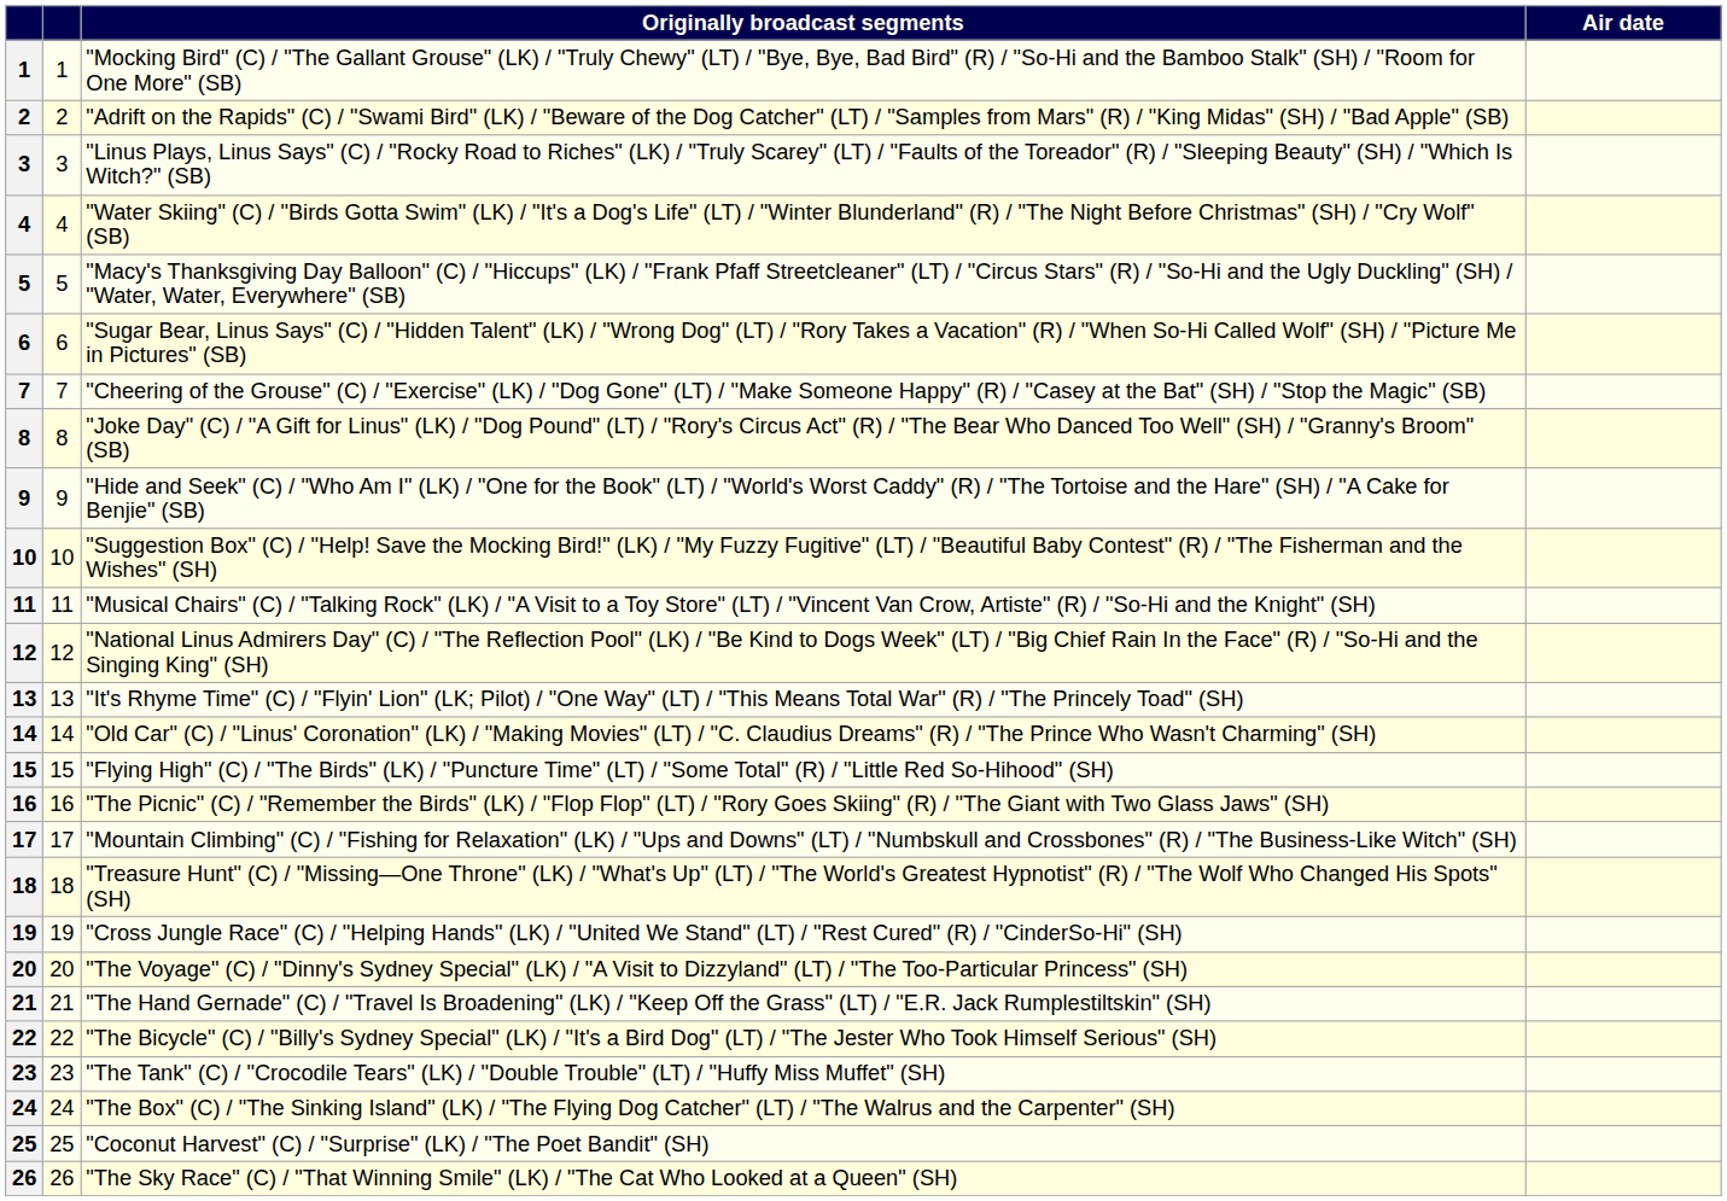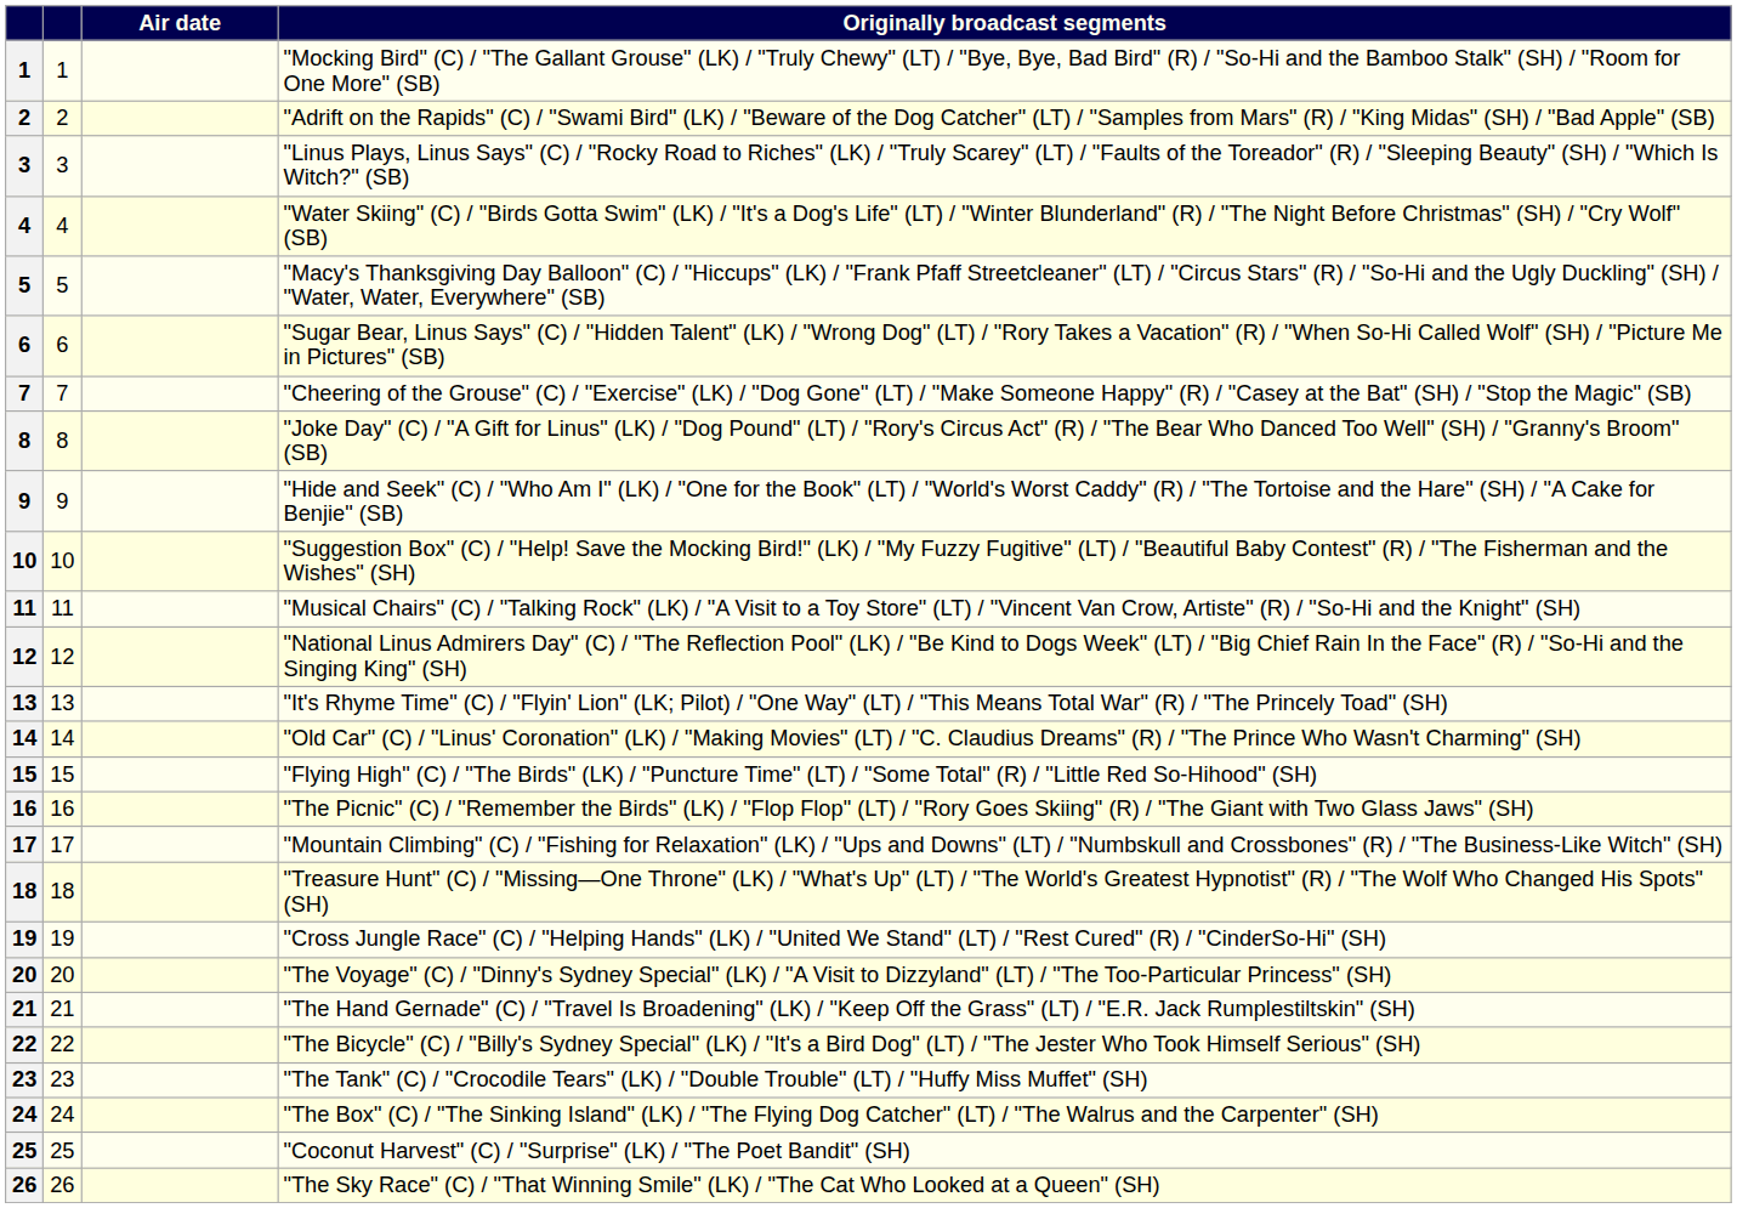 <table class=wikitable style="text-align:center; background:#FFFFEE">
 <tr style="color:#FFFFEE">
 <th style="background:#000050; width:20px"></th>
 <th style="background:#000050; width:20px"></th>
+<th style="background:#000050; width:135px">Air date</th>
 <th style="background:#000050">Originally broadcast segments</th>
-<th style="background:#000050; width:135px">Air date</th>
 </tr>
 <tr>
 <th>1</th>
 <td>1</td>
+<td></td>
 <td align=left>"Mocking Bird" (C) / "The Gallant Grouse" (LK) / "Truly Chewy" (LT) / "Bye, Bye, Bad Bird" (R) / "So-Hi and the Bamboo Stalk" (SH) / "Room for One More" (SB)</td>
-<td></td>
 </tr>
 <tr bgcolor="FFFFDE">
 <th>2</th>
 <td>2</td>
+<td></td>
 <td align=left>"Adrift on the Rapids" (C) / "Swami Bird" (LK) / "Beware of the Dog Catcher" (LT) / "Samples from Mars" (R) / "King Midas" (SH) / "Bad Apple" (SB)</td>
-<td></td>
 </tr>
 <tr>
 <th>3</th>
 <td>3</td>
+<td></td>
 <td align=left>"Linus Plays, Linus Says" (C) / "Rocky Road to Riches" (LK) / "Truly Scarey" (LT) / "Faults of the Toreador" (R) / "Sleeping Beauty" (SH) / "Which Is Witch?" (SB)</td>
-<td></td>
 </tr>
 <tr bgcolor="FFFFDE">
 <th>4</th>
 <td>4</td>
+<td></td>
 <td align=left>"Water Skiing" (C) / "Birds Gotta Swim" (LK) / "It's a Dog's Life" (LT) / "Winter Blunderland" (R) / "The Night Before Christmas" (SH) / "Cry Wolf" (SB)</td>
-<td></td>
 </tr>
 <tr>
 <th>5</th>
 <td>5</td>
+<td></td>
 <td align=left>"Macy's Thanksgiving Day Balloon" (C) / "Hiccups" (LK) / "Frank Pfaff Streetcleaner" (LT) / "Circus Stars" (R) / "So-Hi and the Ugly Duckling" (SH) / "Water, Water, Everywhere" (SB)</td>
-<td></td>
 </tr>
 <tr bgcolor="FFFFDE">
 <th>6</th>
 <td>6</td>
+<td></td>
 <td align=left>"Sugar Bear, Linus Says" (C) / "Hidden Talent" (LK) / "Wrong Dog" (LT) / "Rory Takes a Vacation" (R) / "When So-Hi Called Wolf" (SH) / "Picture Me in Pictures" (SB)</td>
-<td></td>
 </tr>
 <tr>
 <th>7</th>
 <td>7</td>
+<td></td>
 <td align=left>"Cheering of the Grouse" (C) / "Exercise" (LK) / "Dog Gone" (LT) / "Make Someone Happy" (R) / "Casey at the Bat" (SH) / "Stop the Magic" (SB)</td>
-<td></td>
 </tr>
 <tr bgcolor="FFFFDE">
 <th>8</th>
 <td>8</td>
+<td></td>
 <td align=left>"Joke Day" (C) / "A Gift for Linus" (LK) / "Dog Pound" (LT) / "Rory's Circus Act" (R) / "The Bear Who Danced Too Well" (SH) / "Granny's Broom" (SB)</td>
-<td></td>
 </tr>
 <tr>
 <th>9</th>
 <td>9</td>
+<td></td>
 <td align=left>"Hide and Seek" (C) / "Who Am I" (LK) / "One for the Book" (LT) / "World's Worst Caddy" (R) / "The Tortoise and the Hare" (SH) / "A Cake for Benjie" (SB)</td>
-<td></td>
 </tr>
 <tr bgcolor="FFFFDE">
 <th>10</th>
 <td>10</td>
+<td></td>
 <td align=left>"Suggestion Box" (C) / "Help! Save the Mocking Bird!" (LK) / "My Fuzzy Fugitive" (LT) / "Beautiful Baby Contest" (R) / "The Fisherman and the Wishes" (SH)</td>
-<td></td>
 </tr>
 <tr>
 <th>11</th>
 <td>11</td>
+<td></td>
 <td align=left>"Musical Chairs" (C) / "Talking Rock" (LK) / "A Visit to a Toy Store" (LT) / "Vincent Van Crow, Artiste" (R) / "So-Hi and the Knight" (SH)</td>
-<td></td>
 </tr>
 <tr bgcolor="FFFFDE">
 <th>12</th>
 <td>12</td>
+<td></td>
 <td align=left>"National Linus Admirers Day" (C) / "The Reflection Pool" (LK) / "Be Kind to Dogs Week" (LT) / "Big Chief Rain In the Face" (R) / "So-Hi and the Singing King" (SH)</td>
-<td></td>
 </tr>
 <tr>
 <th>13</th>
 <td>13</td>
+<td></td>
 <td align=left>"It's Rhyme Time" (C) / "Flyin' Lion" (LK; Pilot) / "One Way" (LT) / "This Means Total War" (R) / "The Princely Toad" (SH)</td>
-<td></td>
 </tr>
 <tr bgcolor="FFFFDE">
 <th>14</th>
 <td>14</td>
+<td></td>
 <td align=left>"Old Car" (C) / "Linus' Coronation" (LK) / "Making Movies" (LT) / "C. Claudius Dreams" (R) / "The Prince Who Wasn't Charming" (SH)</td>
-<td></td>
 </tr>
 <tr>
 <th>15</th>
 <td>15</td>
+<td></td>
 <td align=left>"Flying High" (C) / "The Birds" (LK) / "Puncture Time" (LT) / "Some Total" (R) / "Little Red So-Hihood" (SH)</td>
-<td></td>
 </tr>
 <tr bgcolor="FFFFDE">
 <th>16</th>
 <td>16</td>
+<td></td>
 <td align=left>"The Picnic" (C) / "Remember the Birds" (LK) / "Flop Flop" (LT) / "Rory Goes Skiing" (R) / "The Giant with Two Glass Jaws" (SH)</td>
-<td></td>
 </tr>
 <tr>
 <th>17</th>
 <td>17</td>
+<td></td>
 <td align=left>"Mountain Climbing" (C) / "Fishing for Relaxation" (LK) / "Ups and Downs" (LT) / "Numbskull and Crossbones" (R) / "The Business-Like Witch" (SH)</td>
-<td></td>
 </tr>
 <tr bgcolor="FFFFDE">
 <th>18</th>
 <td>18</td>
+<td></td>
 <td align=left>"Treasure Hunt" (C) / "Missing—One Throne" (LK) / "What's Up" (LT) / "The World's Greatest Hypnotist" (R) / "The Wolf Who Changed His Spots" (SH)</td>
-<td></td>
 </tr>
 <tr>
 <th>19</th>
 <td>19</td>
+<td></td>
 <td align=left>"Cross Jungle Race" (C) / "Helping Hands" (LK) / "United We Stand" (LT) / "Rest Cured" (R) / "CinderSo-Hi" (SH)</td>
-<td></td>
 </tr>
 <tr bgcolor="FFFFDE">
 <th>20</th>
 <td>20</td>
+<td></td>
 <td align=left>"The Voyage" (C) / "Dinny's Sydney Special" (LK) / "A Visit to Dizzyland" (LT) / "The Too-Particular Princess" (SH)</td>
-<td></td>
 </tr>
 <tr>
 <th>21</th>
 <td>21</td>
+<td></td>
 <td align=left>"The Hand Gernade" (C) / "Travel Is Broadening" (LK) / "Keep Off the Grass" (LT) / "E.R. Jack Rumplestiltskin" (SH)</td>
-<td></td>
 </tr>
 <tr bgcolor="FFFFDE">
 <th>22</th>
 <td>22</td>
+<td></td>
 <td align=left>"The Bicycle" (C) / "Billy's Sydney Special" (LK) / "It's a Bird Dog" (LT) / "The Jester Who Took Himself Serious" (SH)</td>
-<td></td>
 </tr>
 <tr>
 <th>23</th>
 <td>23</td>
+<td></td>
 <td align=left>"The Tank" (C) / "Crocodile Tears" (LK) / "Double Trouble" (LT) / "Huffy Miss Muffet" (SH)</td>
-<td></td>
 </tr>
 <tr bgcolor="FFFFDE">
 <th>24</th>
 <td>24</td>
+<td></td>
 <td align=left>"The Box" (C) / "The Sinking Island" (LK) / "The Flying Dog Catcher" (LT) / "The Walrus and the Carpenter" (SH)</td>
-<td></td>
 </tr>
 <tr>
 <th>25</th>
 <td>25</td>
+<td></td>
 <td align=left>"Coconut Harvest" (C) / "Surprise" (LK) / "The Poet Bandit" (SH)</td>
-<td></td>
 </tr>
 <tr bgcolor="FFFFDE">
 <th>26</th>
 <td>26</td>
+<td></td>
 <td align=left>"The Sky Race" (C) / "That Winning Smile" (LK) / "The Cat Who Looked at a Queen" (SH)</td>
-<td></td>
 </tr>
 </table>
